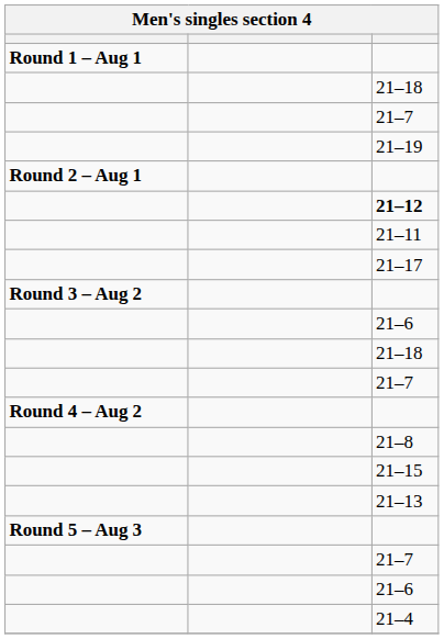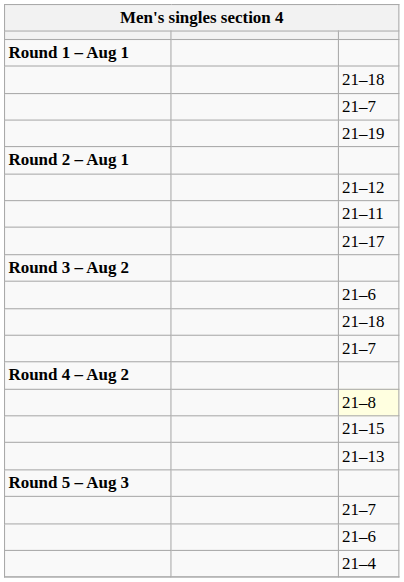 <table class="wikitable">
 <tr>
 <th colspan="3">Men's singles section 4</th>
 </tr>
 <tr>
 <th width=150></th>
 <th width=150></th>
 <th width=50></th>
 </tr>
 <tr>
 <td><strong>Round 1 – Aug 1</strong></td>
 <td></td>
 <td></td>
 </tr>
 <tr>
 <td></td>
 <td></td>
 <td>21–18</td>
 </tr>
 <tr>
 <td></td>
 <td></td>
 <td>21–7</td>
 </tr>
 <tr>
 <td></td>
 <td></td>
 <td>21–19</td>
 </tr>
 <tr>
 <td><strong>Round 2 – Aug 1</strong></td>
 <td></td>
 <td></td>
 </tr>
 <tr>
 <td></td>
 <td></td>
-<td><strong>21–12</strong></td>
+<td>21–12</td>
 </tr>
 <tr>
 <td></td>
 <td></td>
 <td>21–11</td>
 </tr>
 <tr>
 <td></td>
 <td></td>
 <td>21–17</td>
 </tr>
 <tr>
 <td><strong>Round 3 – Aug 2</strong></td>
 <td></td>
 <td></td>
 </tr>
 <tr>
 <td></td>
 <td></td>
 <td>21–6</td>
 </tr>
 <tr>
 <td></td>
 <td></td>
 <td>21–18</td>
 </tr>
 <tr>
 <td></td>
 <td></td>
 <td>21–7</td>
 </tr>
 <tr>
 <td><strong>Round 4 – Aug 2</strong></td>
 <td></td>
 <td></td>
 </tr>
 <tr>
 <td></td>
 <td></td>
-<td>21–8</td>
+<td style="background: lightyellow;">21–8</td>
 </tr>
 <tr>
 <td></td>
 <td></td>
 <td>21–15</td>
 </tr>
 <tr>
 <td></td>
 <td></td>
 <td>21–13</td>
 </tr>
 <tr>
 <td><strong>Round 5 – Aug 3</strong></td>
 <td></td>
 <td></td>
 </tr>
 <tr>
 <td></td>
 <td></td>
 <td>21–7</td>
 </tr>
 <tr>
 <td></td>
 <td></td>
 <td>21–6</td>
 </tr>
 <tr>
 <td></td>
 <td></td>
 <td>21–4</td>
 </tr>
 <tr>
 </tr>
 </table>
